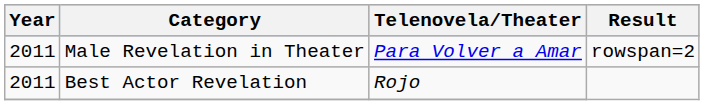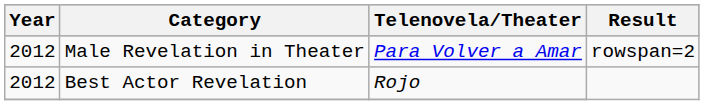 <table class="wikitable">
 <tr style="background:#b0c4de;">
 <th>Year</th>
 <th>Category</th>
 <th>Telenovela/Theater</th>
 <th>Result</th>
 </tr>
 <tr>
-<td>2011</td>
+<td>2012</td>
 <td>Male Revelation in Theater</td>
 <td><em><a href='#'>Para Volver a Amar</a></em></td>
 <td>rowspan=2 </td>
 </tr>
 <tr>
-<td>2011</td>
+<td>2012</td>
 <td>Best Actor Revelation</td>
 <td><em>Rojo</em></td>
 </tr>
 <tr>
 </tr>
 </table>
